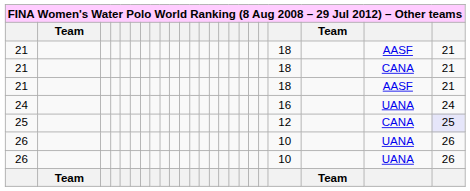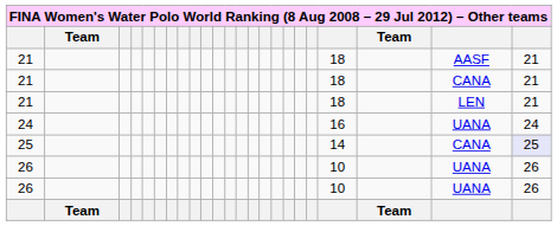 <table class="wikitable mw-collapsible autocollapse" style="text-align: center; font-size: 85%; margin-left: 1em;">
 <tr>
 <th colspan="23" style="background-color: #ffccff;">FINA Women's Water Polo World Ranking (8 Aug 2008 – 29 Jul 2012) – Other teams</th>
 </tr>
 <tr>
 <th></th>
 <th>Team</th>
 <th><a href='#'></a></th>
 <th><a href='#'></a></th>
 <th><a href='#'></a></th>
 <th><a href='#'></a></th>
 <th><a href='#'></a></th>
 <th><a href='#'></a></th>
 <th><a href='#'></a></th>
 <th><a href='#'></a></th>
 <th><a href='#'></a></th>
 <th><a href='#'></a></th>
 <th><a href='#'></a></th>
 <th><a href='#'></a></th>
 <th><a href='#'></a></th>
 <th><a href='#'></a></th>
 <th><a href='#'></a></th>
 <th><a href='#'></a></th>
 <th><a href='#'></a></th>
 <th></th>
 <th>Team</th>
 <th></th>
 <th></th>
 </tr>
 <tr>
 <td>21</td>
 <td style="text-align: left;"></td>
 <td></td>
 <td></td>
 <td></td>
 <td></td>
 <td></td>
 <td></td>
 <td></td>
 <td></td>
 <td></td>
 <td></td>
 <td></td>
 <td></td>
 <td></td>
 <td></td>
 <td></td>
 <td></td>
 <td></td>
 <td>18</td>
 <td style="text-align: left;"></td>
 <td><a href='#'>AASF</a></td>
 <td>21</td>
 </tr>
 <tr>
 <td>21</td>
 <td style="text-align: left;"></td>
 <td></td>
 <td></td>
 <td></td>
 <td></td>
 <td></td>
 <td></td>
 <td></td>
 <td></td>
 <td></td>
 <td></td>
 <td></td>
 <td></td>
 <td></td>
 <td></td>
 <td></td>
 <td></td>
 <td></td>
 <td>18</td>
 <td style="text-align: left;"></td>
 <td><a href='#'>CANA</a></td>
 <td>21</td>
 </tr>
 <tr>
 <td>21</td>
 <td style="text-align: left;"></td>
 <td></td>
 <td></td>
 <td></td>
 <td></td>
 <td></td>
 <td></td>
 <td></td>
 <td></td>
 <td></td>
 <td></td>
 <td></td>
 <td></td>
 <td></td>
 <td></td>
 <td></td>
 <td></td>
 <td></td>
 <td>18</td>
 <td style="text-align: left;"></td>
-<td><a href='#'>AASF</a></td>
+<td><a href='#'>LEN</a></td>
 <td>21</td>
 </tr>
 <tr>
 <td>24</td>
 <td style="text-align: left;"></td>
 <td></td>
 <td></td>
 <td></td>
 <td></td>
 <td></td>
 <td></td>
 <td></td>
 <td></td>
 <td></td>
 <td></td>
 <td></td>
 <td></td>
 <td></td>
 <td></td>
 <td></td>
 <td></td>
 <td></td>
 <td>16</td>
 <td style="text-align: left;"></td>
 <td><a href='#'>UANA</a></td>
 <td>24</td>
 </tr>
 <tr>
 <td>25</td>
 <td style="text-align: left;"></td>
 <td></td>
 <td></td>
 <td></td>
 <td></td>
 <td></td>
 <td></td>
 <td></td>
 <td></td>
 <td></td>
 <td></td>
 <td></td>
 <td></td>
 <td></td>
 <td></td>
 <td></td>
 <td></td>
 <td></td>
-<td>12</td>
+<td>14</td>
 <td style="text-align: left;"></td>
 <td><a href='#'>CANA</a></td>
 <td style="background: lavender;">25</td>
 </tr>
 <tr>
 <td>26</td>
 <td style="text-align: left;"></td>
 <td></td>
 <td></td>
 <td></td>
 <td></td>
 <td></td>
 <td></td>
 <td></td>
 <td></td>
 <td></td>
 <td></td>
 <td></td>
 <td></td>
 <td></td>
 <td></td>
 <td></td>
 <td></td>
 <td></td>
 <td>10</td>
 <td style="text-align: left;"></td>
 <td><a href='#'>UANA</a></td>
 <td>26</td>
 </tr>
 <tr>
 <td>26</td>
 <td style="text-align: left;"></td>
 <td></td>
 <td></td>
 <td></td>
 <td></td>
 <td></td>
 <td></td>
 <td></td>
 <td></td>
 <td></td>
 <td></td>
 <td></td>
 <td></td>
 <td></td>
 <td></td>
 <td></td>
 <td></td>
 <td></td>
 <td>10</td>
 <td style="text-align: left;"></td>
 <td><a href='#'>UANA</a></td>
 <td>26</td>
 </tr>
 <tr>
 <th></th>
 <th>Team</th>
 <th><a href='#'></a></th>
 <th><a href='#'></a></th>
 <th><a href='#'></a></th>
 <th><a href='#'></a></th>
 <th><a href='#'></a></th>
 <th><a href='#'></a></th>
 <th><a href='#'></a></th>
 <th><a href='#'></a></th>
 <th><a href='#'></a></th>
 <th><a href='#'></a></th>
 <th><a href='#'></a></th>
 <th><a href='#'></a></th>
 <th><a href='#'></a></th>
 <th><a href='#'></a></th>
 <th><a href='#'></a></th>
 <th><a href='#'></a></th>
 <th><a href='#'></a></th>
 <th></th>
 <th>Team</th>
 <th></th>
 <th></th>
 </tr>
 </table>
